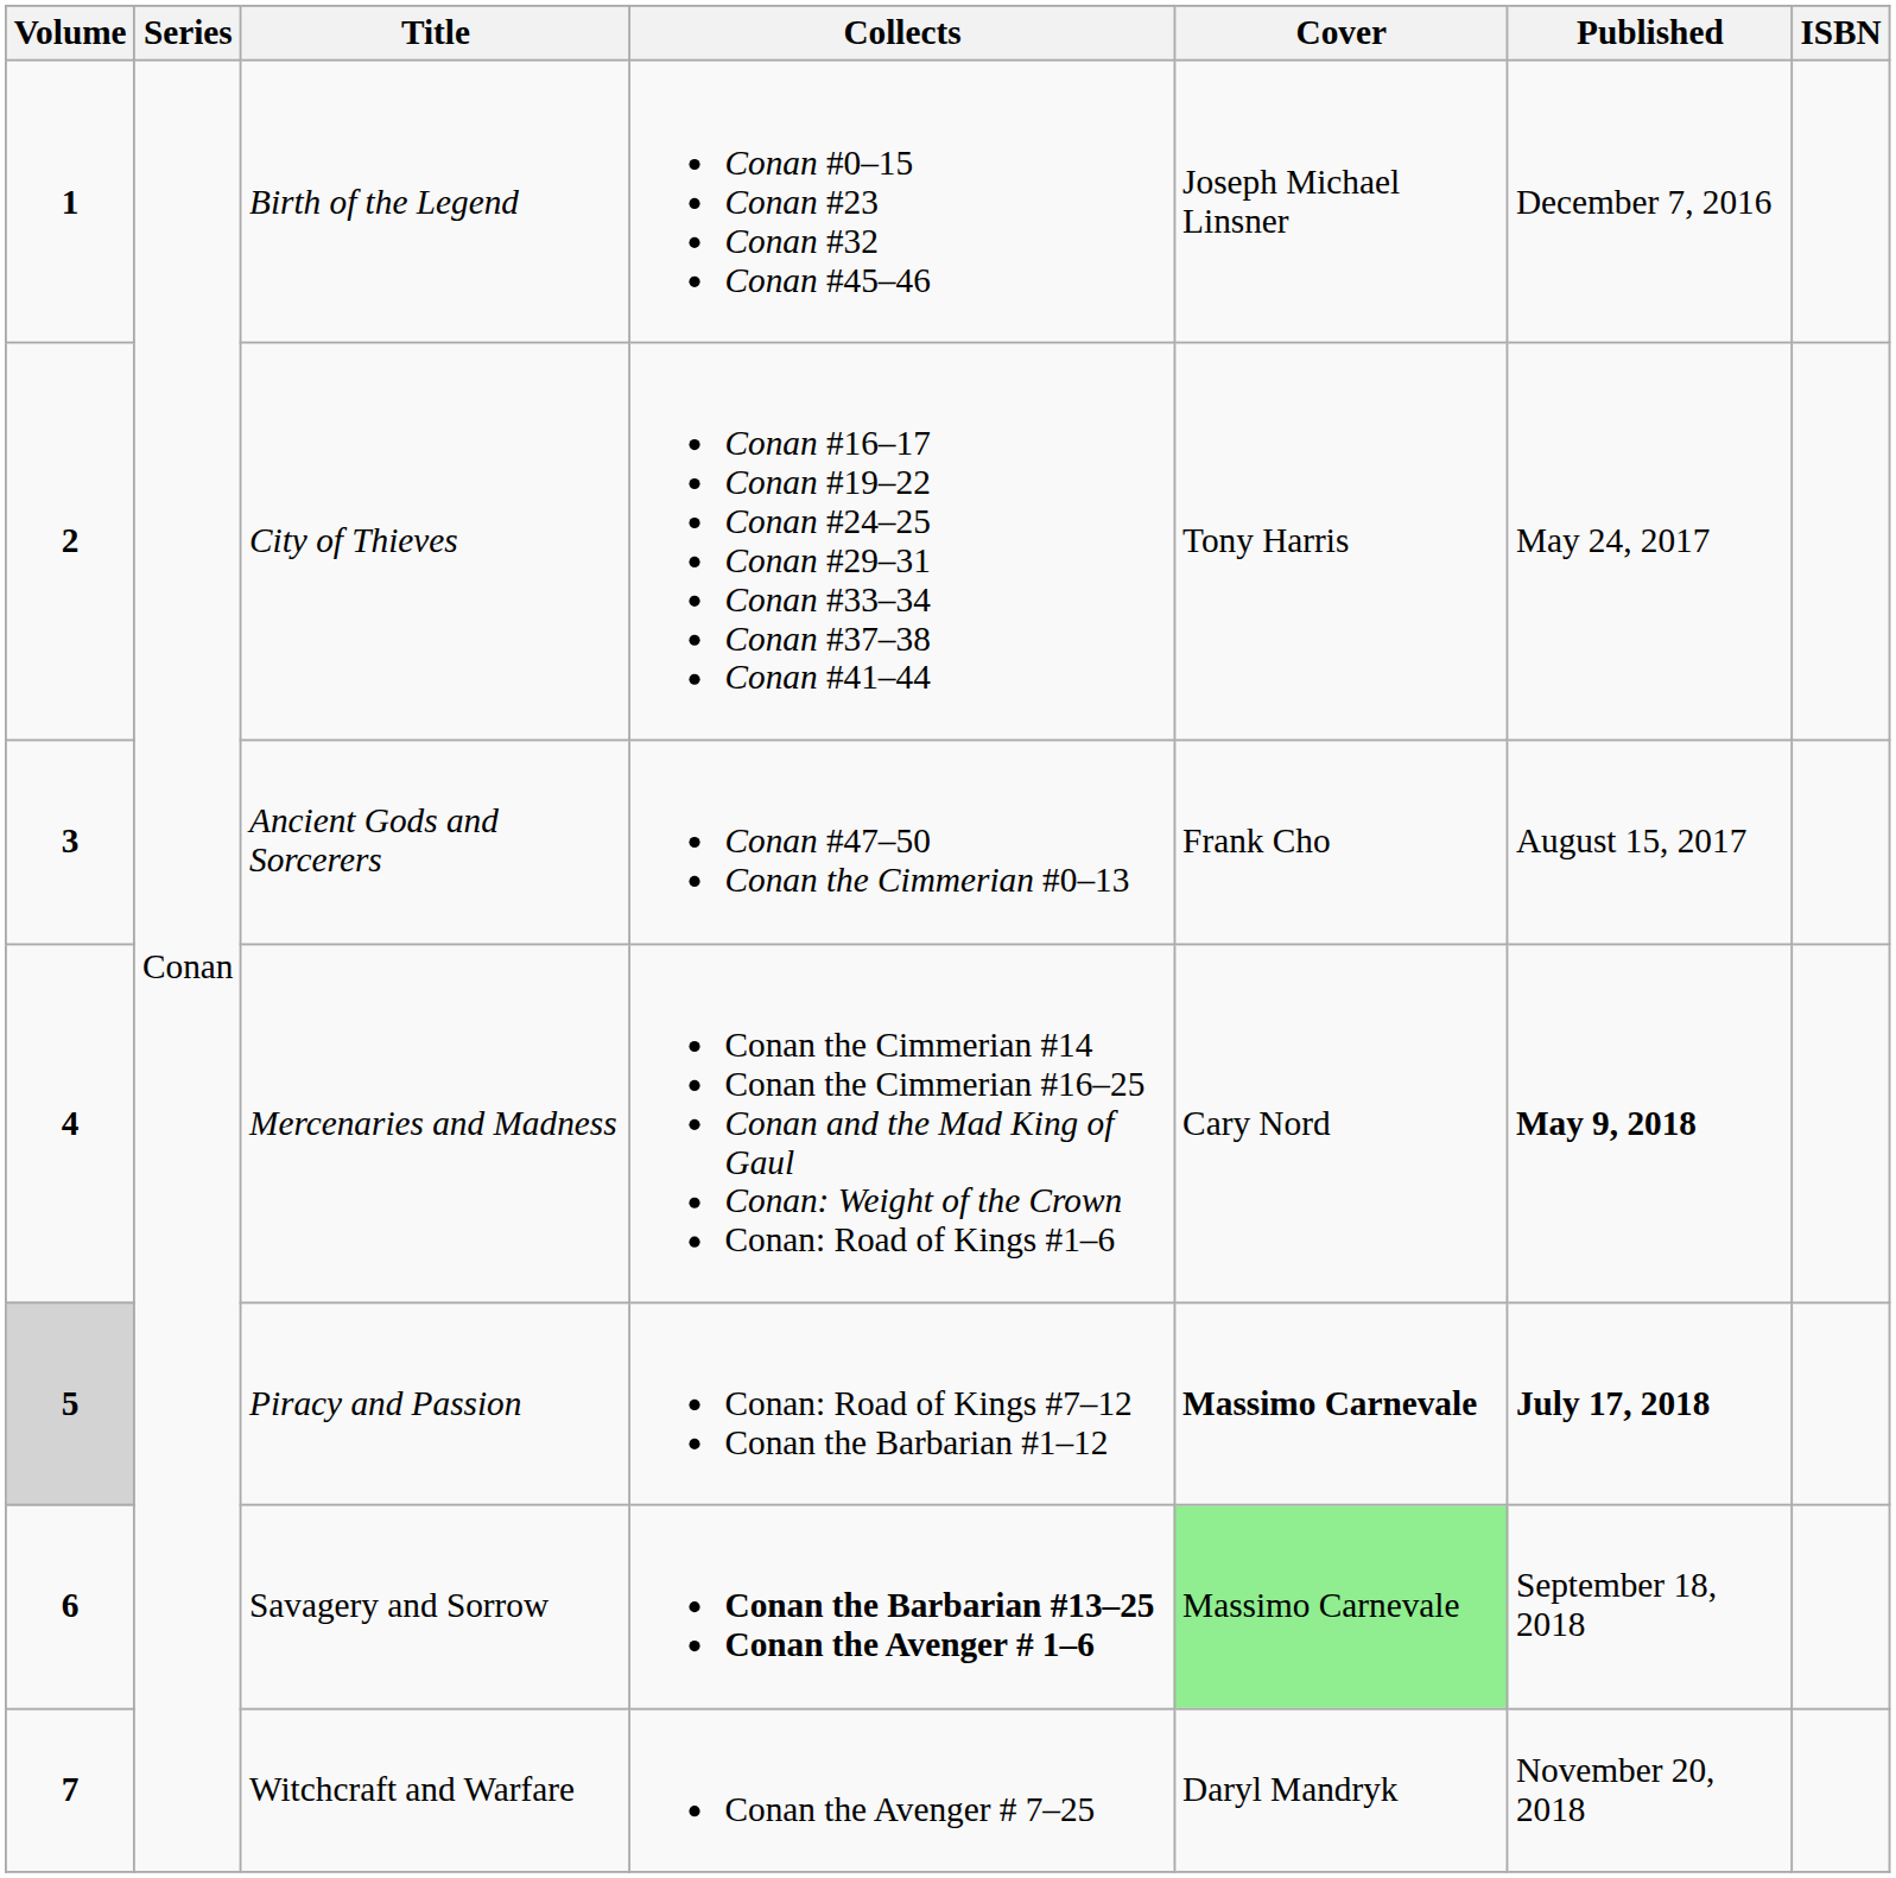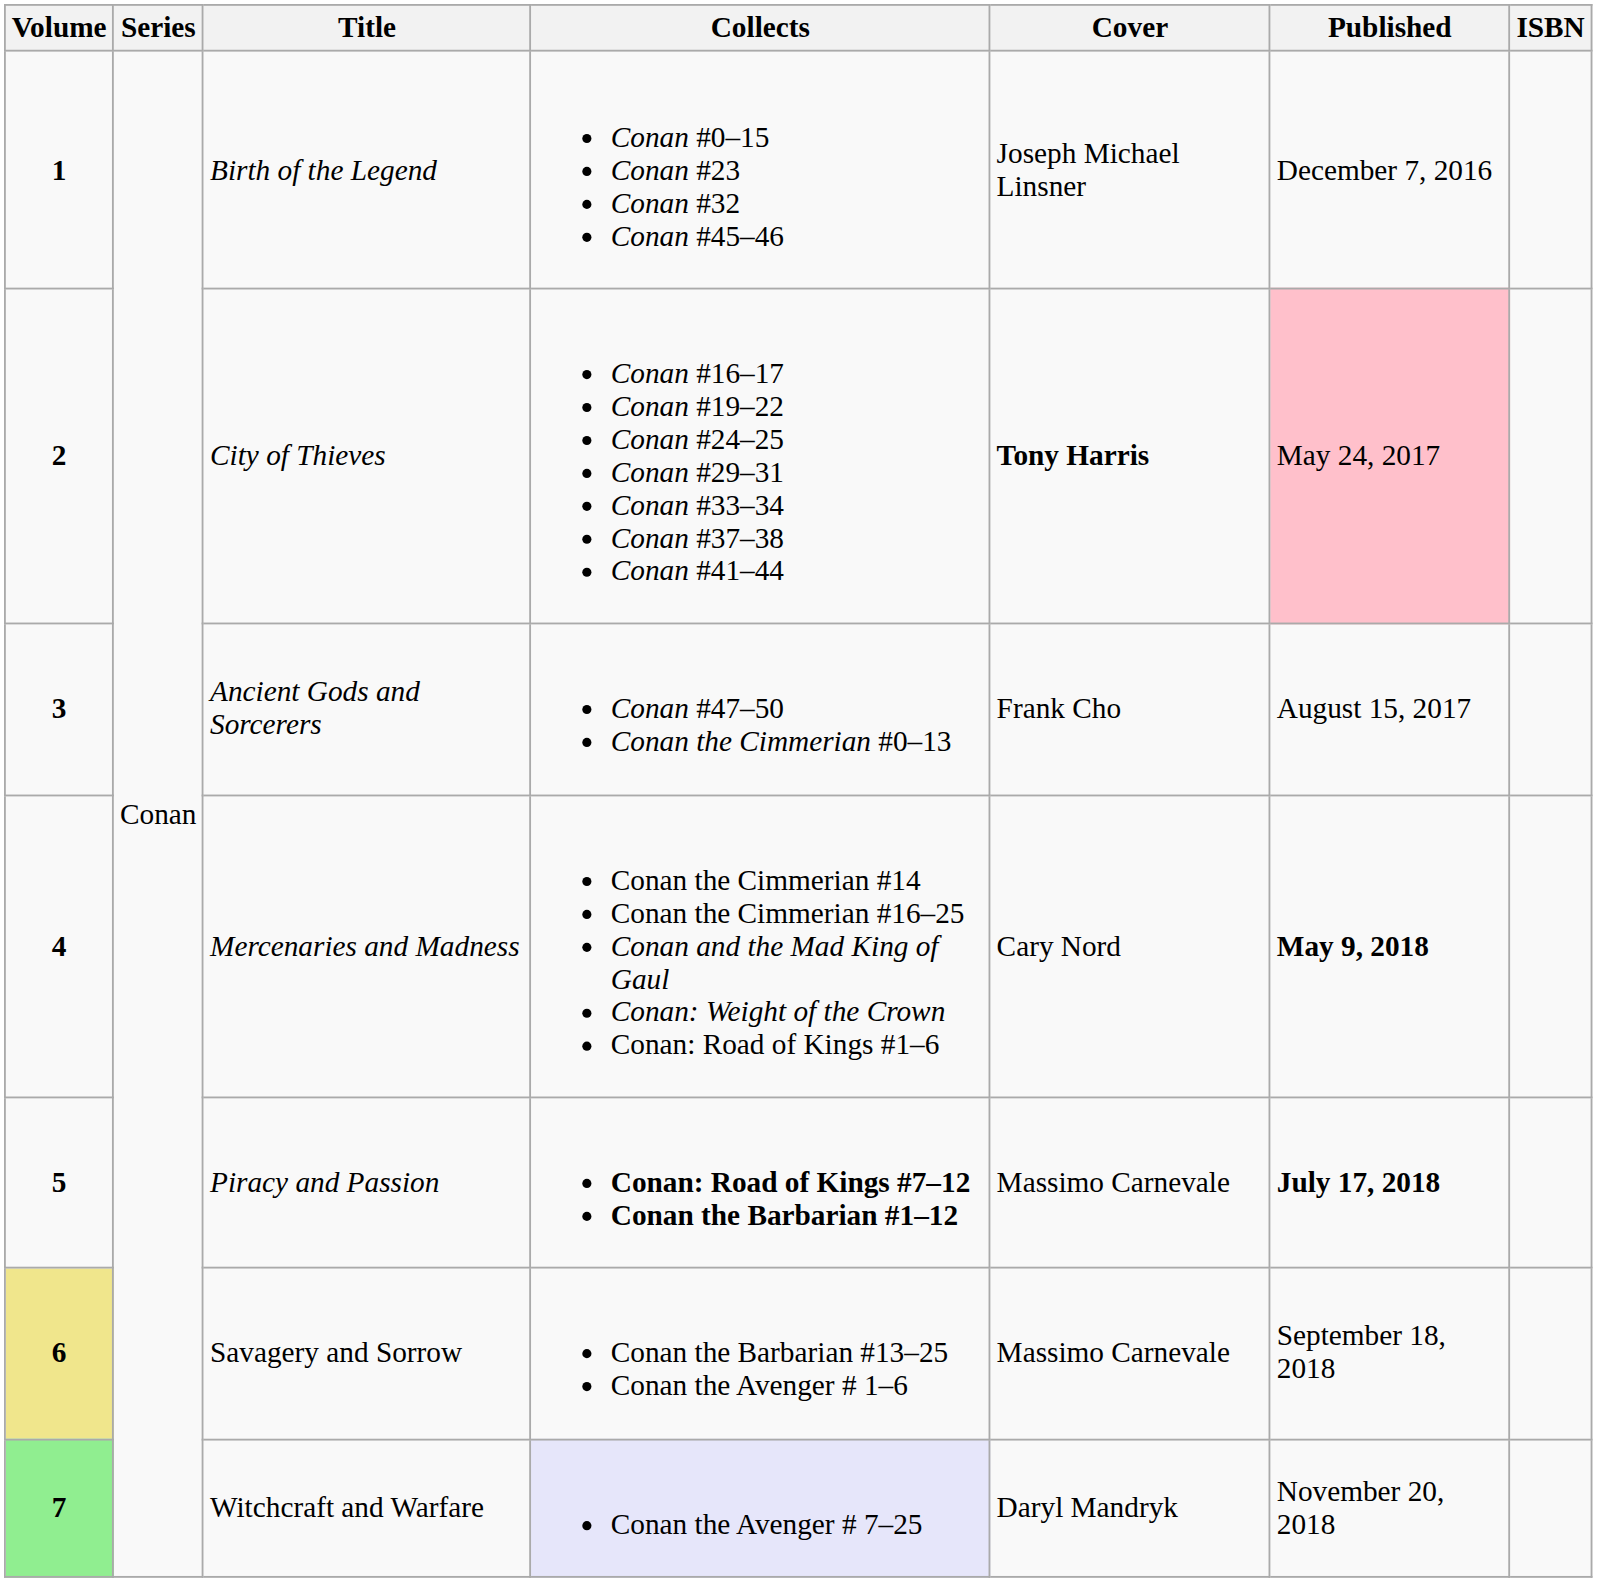 <table class="wikitable">
 <tr>
 <th>Volume</th>
 <th>Series</th>
 <th>Title</th>
 <th>Collects</th>
 <th>Cover</th>
 <th>Published</th>
 <th>ISBN</th>
 </tr>
 <tr>
 <td align=center><strong>1</strong></td>
 <td rowspan="7" align="center">Conan</td>
 <td><em>Birth of the Legend</em></td>
 <td><br><ul><li><em>Conan</em> #0–15</li><li><em>Conan</em> #23</li><li><em>Conan</em> #32</li><li><em>Conan</em> #45–46</li></ul></td>
 <td>Joseph Michael Linsner</td>
 <td>December 7, 2016</td>
 <td></td>
 </tr>
 <tr>
 <td align=center><strong>2</strong></td>
 <td><em>City of Thieves</em></td>
 <td><br><ul><li><em>Conan</em> #16–17</li><li><em>Conan</em> #19–22</li><li><em>Conan</em> #24–25</li><li><em>Conan</em> #29–31</li><li><em>Conan</em> #33–34</li><li><em>Conan</em> #37–38</li><li><em>Conan</em> #41–44</li></ul></td>
-<td>Tony Harris</td>
-<td>May 24, 2017</td>
+<td><strong>Tony Harris</strong></td>
+<td style="background: pink;">May 24, 2017</td>
 <td></td>
 </tr>
 <tr>
 <td align=center><strong>3</strong></td>
 <td><em>Ancient Gods and Sorcerers</em></td>
 <td><br><ul><li><em>Conan</em> #47–50</li><li><em>Conan the Cimmerian</em> #0–13</li></ul></td>
 <td>Frank Cho</td>
 <td>August 15, 2017</td>
 <td></td>
 </tr>
 <tr>
 <td align=center><strong>4</strong></td>
 <td><em>Mercenaries and Madness</em></td>
 <td><br><ul><li>Conan the Cimmerian #14</li><li>Conan the Cimmerian #16–25</li><li><em>Conan and the Mad King of Gaul</em></li><li><em>Conan: Weight of the Crown</em></li><li>Conan: Road of Kings #1–6</li></ul></td>
 <td>Cary Nord</td>
 <td><strong>May 9, 2018</strong></td>
 <td></td>
 </tr>
 <tr>
-<td align=center style="background: lightgrey;"><strong>5</strong></td>
+<td align=center><strong>5</strong></td>
 <td><em>Piracy and Passion</em></td>
-<td><br><ul><li>Conan: Road of Kings #7–12</li><li>Conan the Barbarian #1–12</li></ul></td>
-<td><strong>Massimo Carnevale</strong></td>
+<td><strong><br><ul><li>Conan: Road of Kings #7–12</li><li>Conan the Barbarian #1–12</li></ul></strong></td>
+<td>Massimo Carnevale</td>
 <td><strong>July 17, 2018</strong></td>
 <td></td>
 </tr>
 <tr>
-<td align=center><strong>6</strong></td>
+<td align=center style="background: khaki;"><strong>6</strong></td>
 <td>Savagery and Sorrow</td>
-<td><strong><br><ul><li>Conan the Barbarian #13–25</li><li>Conan the Avenger # 1–6</li></ul></strong></td>
-<td style="background: lightgreen;">Massimo Carnevale</td>
+<td><br><ul><li>Conan the Barbarian #13–25</li><li>Conan the Avenger # 1–6</li></ul></td>
+<td>Massimo Carnevale</td>
 <td>September 18, 2018</td>
 <td></td>
 </tr>
 <tr>
-<td align=center><strong>7</strong></td>
+<td align=center style="background: lightgreen;"><strong>7</strong></td>
 <td>Witchcraft and Warfare</td>
-<td><br><ul><li>Conan the Avenger # 7–25</li></ul></td>
+<td style="background: lavender;"><br><ul><li>Conan the Avenger # 7–25</li></ul></td>
 <td>Daryl Mandryk</td>
 <td>November 20, 2018</td>
 <td></td>
 </tr>
 </table>
